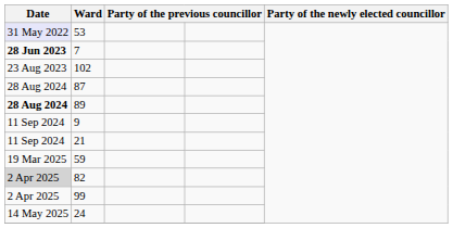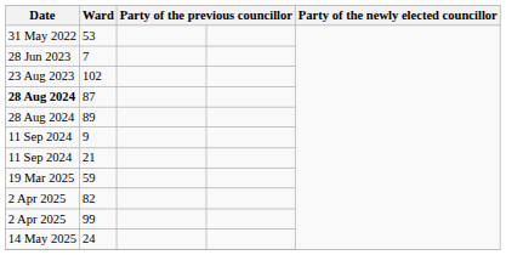 <table class="wikitable">
 <tr>
 <th>Date</th>
 <th>Ward</th>
 <th colspan=2>Party of the previous councillor</th>
 <th colspan=2>Party of the newly elected councillor</th>
 </tr>
 <tr>
-<td style="background: lavender;">31 May 2022</td>
+<td>31 May 2022</td>
 <td>53</td>
 <td></td>
 <td></td>
 </tr>
 <tr>
-<td><strong>28 Jun 2023</strong></td>
+<td>28 Jun 2023</td>
 <td>7</td>
 <td></td>
 <td></td>
 </tr>
 <tr>
 <td>23 Aug 2023</td>
 <td>102</td>
 <td></td>
 <td></td>
 </tr>
 <tr>
-<td>28 Aug 2024</td>
+<td><strong>28 Aug 2024</strong></td>
 <td>87</td>
 <td></td>
 <td></td>
 </tr>
 <tr>
-<td><strong>28 Aug 2024</strong></td>
+<td>28 Aug 2024</td>
 <td>89</td>
 <td></td>
 <td></td>
 </tr>
 <tr>
 <td>11 Sep 2024</td>
 <td>9</td>
 <td></td>
 <td></td>
 </tr>
 <tr>
 <td>11 Sep 2024</td>
 <td>21</td>
 <td></td>
 <td></td>
 </tr>
 <tr>
 <td>19 Mar 2025</td>
 <td>59</td>
 <td></td>
 <td></td>
 </tr>
 <tr>
-<td style="background: lightgrey;">2 Apr 2025</td>
+<td>2 Apr 2025</td>
 <td>82</td>
 <td></td>
 <td></td>
 </tr>
 <tr>
 <td>2 Apr 2025</td>
 <td>99</td>
 <td></td>
 <td></td>
 </tr>
 <tr>
 <td>14 May 2025</td>
 <td>24</td>
 <td></td>
 <td></td>
 </tr>
 <tr>
 </tr>
 </table>
